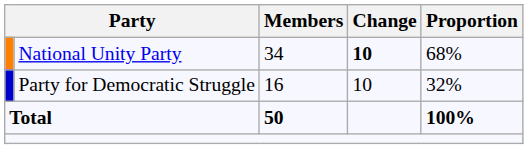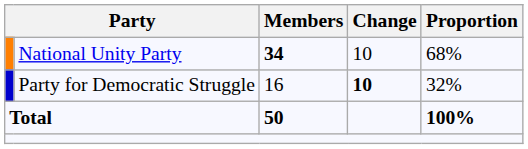 <table class=wikitable style="border:1px solid #8888aa; background-color:#f7f8ff; padding:0px; font-size:90%;">
 <tr>
 <th colspan="2">Party</th>
 <th>Members</th>
 <th>Change</th>
 <th>Proportion</th>
 </tr>
 <tr>
 <td style="background: #FF7F00"></td>
 <td><a href='#'>National Unity Party</a></td>
-<td>34</td>
-<td><strong>10</strong></td>
+<td><strong>34</strong></td>
+<td>10</td>
 <td>68%</td>
 </tr>
 <tr>
 <td style="background: #0000CD"></td>
 <td>Party for Democratic Struggle</td>
 <td>16</td>
-<td>10</td>
+<td><strong>10</strong></td>
 <td>32%</td>
 </tr>
 <tr>
 <td colspan="2"><strong>Total</strong></td>
 <td><strong>50</strong></td>
 <td></td>
 <td><strong>100%</strong></td>
 </tr>
 <tr>
 <td colspan="7"></td>
 </tr>
 </table>
